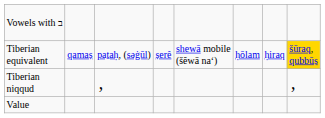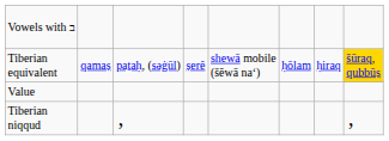 <table class="wikitable" style="font-size: 95%;" style="text-align:center;">
 <tr>
 <td>Vowels with ב</td>
 <td style="font-family: 'david'; font-size:250%" height=40 valign=top></td>
 <td style="font-family: 'david'; font-size:250%" height=40 valign=top></td>
 <td style="font-family: 'david'; font-size:250%" height=40 valign=top></td>
 <td style="font-family: 'david'; font-size:250%" height=40 valign=top></td>
 <td style="font-family: 'david'; font-size:250%" height=40 valign=top></td>
 <td style="font-family: 'david'; font-size:250%" height=40 valign=top></td>
 <td style="font-family: 'david'; font-size:250%" height=40 valign=top></td>
 </tr>
 <tr>
 <td>Tiberian<br>equivalent</td>
 <td><a href='#'>qamaṣ</a></td>
 <td><a href='#'>paṯaḥ</a>, (<a href='#'>səġūl</a>)</td>
 <td><a href='#'>ṣerê</a></td>
 <td><a href='#'>shewā</a> mobile<br>(šĕwā naʻ)</td>
 <td><a href='#'>ḥōlam</a></td>
 <td><a href='#'>ḥiraq</a></td>
 <td style="background: gold;"><a href='#'>šūraq</a>,<br><a href='#'>qubbūṣ</a></td>
 </tr>
 <tr>
+<td>Value</td>
+<td></td>
+<td></td>
+<td></td>
+<td></td>
+<td></td>
+<td></td>
+<td></td>
+</tr>
+<tr>
 <td>Tiberian<br>niqqud</td>
 <td style="font-size: 180%;"></td>
 <td style="font-size: 180%;">, </td>
 <td style="font-size: 180%;"></td>
 <td style="font-size: 180%;"></td>
 <td style="font-size: 180%;"></td>
 <td style="font-size: 180%;"></td>
 <td style="font-size: 180%;">, </td>
 </tr>
-<tr>
-<td>Value</td>
-<td></td>
-<td></td>
-<td></td>
-<td></td>
-<td></td>
-<td></td>
-<td></td>
-</tr>
 </table>
